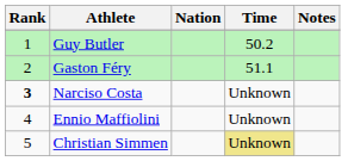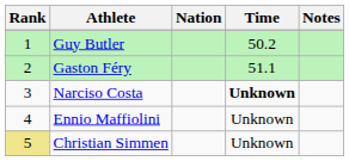 <table class="wikitable sortable" style="text-align:center">
 <tr>
 <th>Rank</th>
 <th>Athlete</th>
 <th>Nation</th>
 <th>Time</th>
 <th>Notes</th>
 </tr>
 <tr>
 </tr>
 <tr bgcolor=bbf3bb>
 <td>1</td>
 <td align=left><a href='#'>Guy Butler</a></td>
 <td align=left></td>
 <td>50.2</td>
 <td></td>
 </tr>
 <tr bgcolor=bbf3bb>
 <td>2</td>
 <td align=left><a href='#'>Gaston Féry</a></td>
 <td align=left></td>
 <td>51.1</td>
 <td></td>
 </tr>
 <tr>
-<td><strong>3</strong></td>
+<td>3</td>
 <td align=left><a href='#'>Narciso Costa</a></td>
 <td align=left></td>
-<td>Unknown</td>
+<td><strong>Unknown</strong></td>
 <td></td>
 </tr>
 <tr>
 <td>4</td>
 <td align=left><a href='#'>Ennio Maffiolini</a></td>
 <td align=left></td>
 <td>Unknown</td>
 <td></td>
 </tr>
 <tr>
-<td>5</td>
+<td style="background: khaki;">5</td>
 <td align=left><a href='#'>Christian Simmen</a></td>
 <td align=left></td>
-<td style="background: khaki;">Unknown</td>
+<td>Unknown</td>
 <td></td>
 </tr>
 </table>
